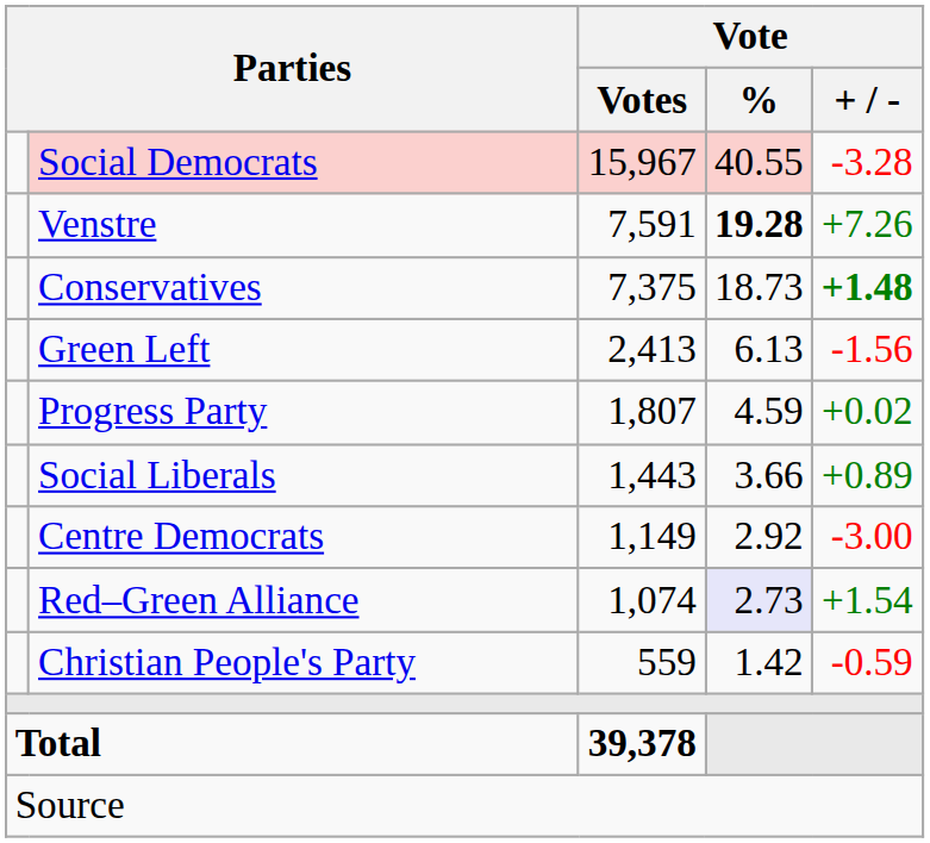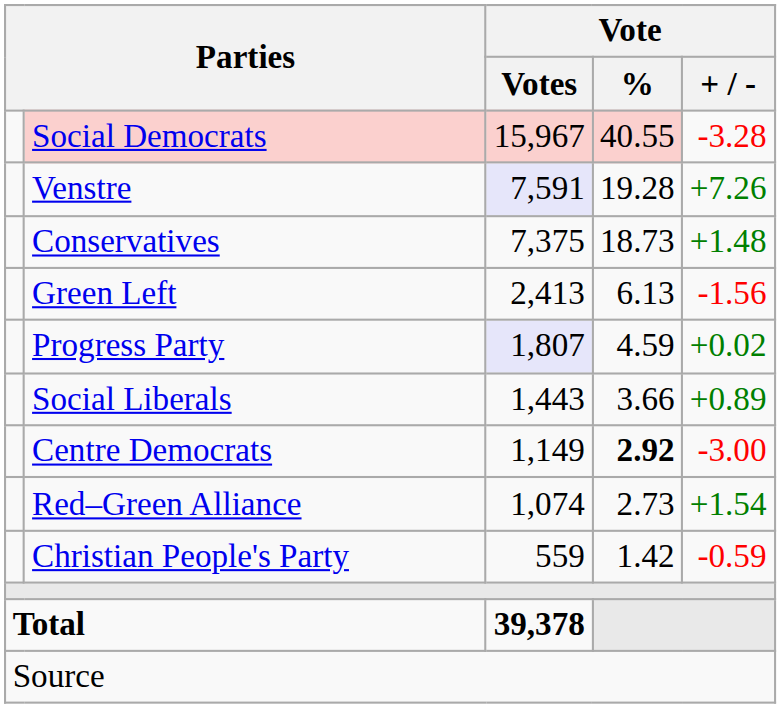 <table class="wikitable" style="text-align:right;">
 <tr>
 <th style="text-align:centre;" rowspan="2" colspan="2" width="225">Parties</th>
 <th colspan="3">Vote</th>
 </tr>
 <tr>
 <th width="15">Votes</th>
 <th width="15">%</th>
 <th width="15">+ / -</th>
 </tr>
 <tr>
 <td width="2" style="color:inherit;background:"></td>
 <td bgcolor=#fbd0ce  align="left"><a href='#'>Social Democrats</a></td>
 <td bgcolor=#fbd0ce>15,967</td>
 <td bgcolor=#fbd0ce>40.55</td>
 <td style=color:red;>-3.28</td>
 </tr>
 <tr>
 <td width="2" style="color:inherit;background:"></td>
 <td align="left"><a href='#'>Venstre</a></td>
-<td>7,591</td>
-<td><strong>19.28</strong></td>
+<td style="background: lavender;">7,591</td>
+<td>19.28</td>
 <td style=color:green;>+7.26</td>
 </tr>
 <tr>
 <td width="2" style="color:inherit;background:"></td>
 <td align="left"><a href='#'>Conservatives</a></td>
 <td>7,375</td>
 <td>18.73</td>
-<td style=color:green;><strong>+1.48</strong></td>
+<td style=color:green;>+1.48</td>
 </tr>
 <tr>
 <td width="2" style="color:inherit;background:"></td>
 <td align="left"><a href='#'>Green Left</a></td>
 <td>2,413</td>
 <td>6.13</td>
 <td style=color:red;>-1.56</td>
 </tr>
 <tr>
 <td width="2" style="color:inherit;background:"></td>
 <td align="left"><a href='#'>Progress Party</a></td>
-<td>1,807</td>
+<td style="background: lavender;">1,807</td>
 <td>4.59</td>
 <td style=color:green;>+0.02</td>
 </tr>
 <tr>
 <td width="2" style="color:inherit;background:"></td>
 <td align="left"><a href='#'>Social Liberals</a></td>
 <td>1,443</td>
 <td>3.66</td>
 <td style=color:green;>+0.89</td>
 </tr>
 <tr>
 <td width="2" style="color:inherit;background:"></td>
 <td align="left"><a href='#'>Centre Democrats</a></td>
 <td>1,149</td>
-<td>2.92</td>
+<td><strong>2.92</strong></td>
 <td style=color:red;>-3.00</td>
 </tr>
 <tr>
 <td width="2" style="color:inherit;background:"></td>
 <td align="left"><a href='#'>Red–Green Alliance</a></td>
 <td>1,074</td>
-<td style="background: lavender;">2.73</td>
+<td>2.73</td>
 <td style=color:green;>+1.54</td>
 </tr>
 <tr>
 <td width="2" style="color:inherit;background:"></td>
 <td align="left"><a href='#'>Christian People's Party</a></td>
 <td>559</td>
 <td>1.42</td>
 <td style=color:red;>-0.59</td>
 </tr>
 <tr>
 <td colspan="7" bgcolor="#E9E9E9"></td>
 </tr>
 <tr>
 <td align="left" colspan="2"><strong>Total</strong></td>
 <td><strong>39,378</strong></td>
 <td bgcolor="#E9E9E9" colspan="2"></td>
 </tr>
 <tr>
 <td align="left" colspan="6">Source</td>
 </tr>
 </table>
